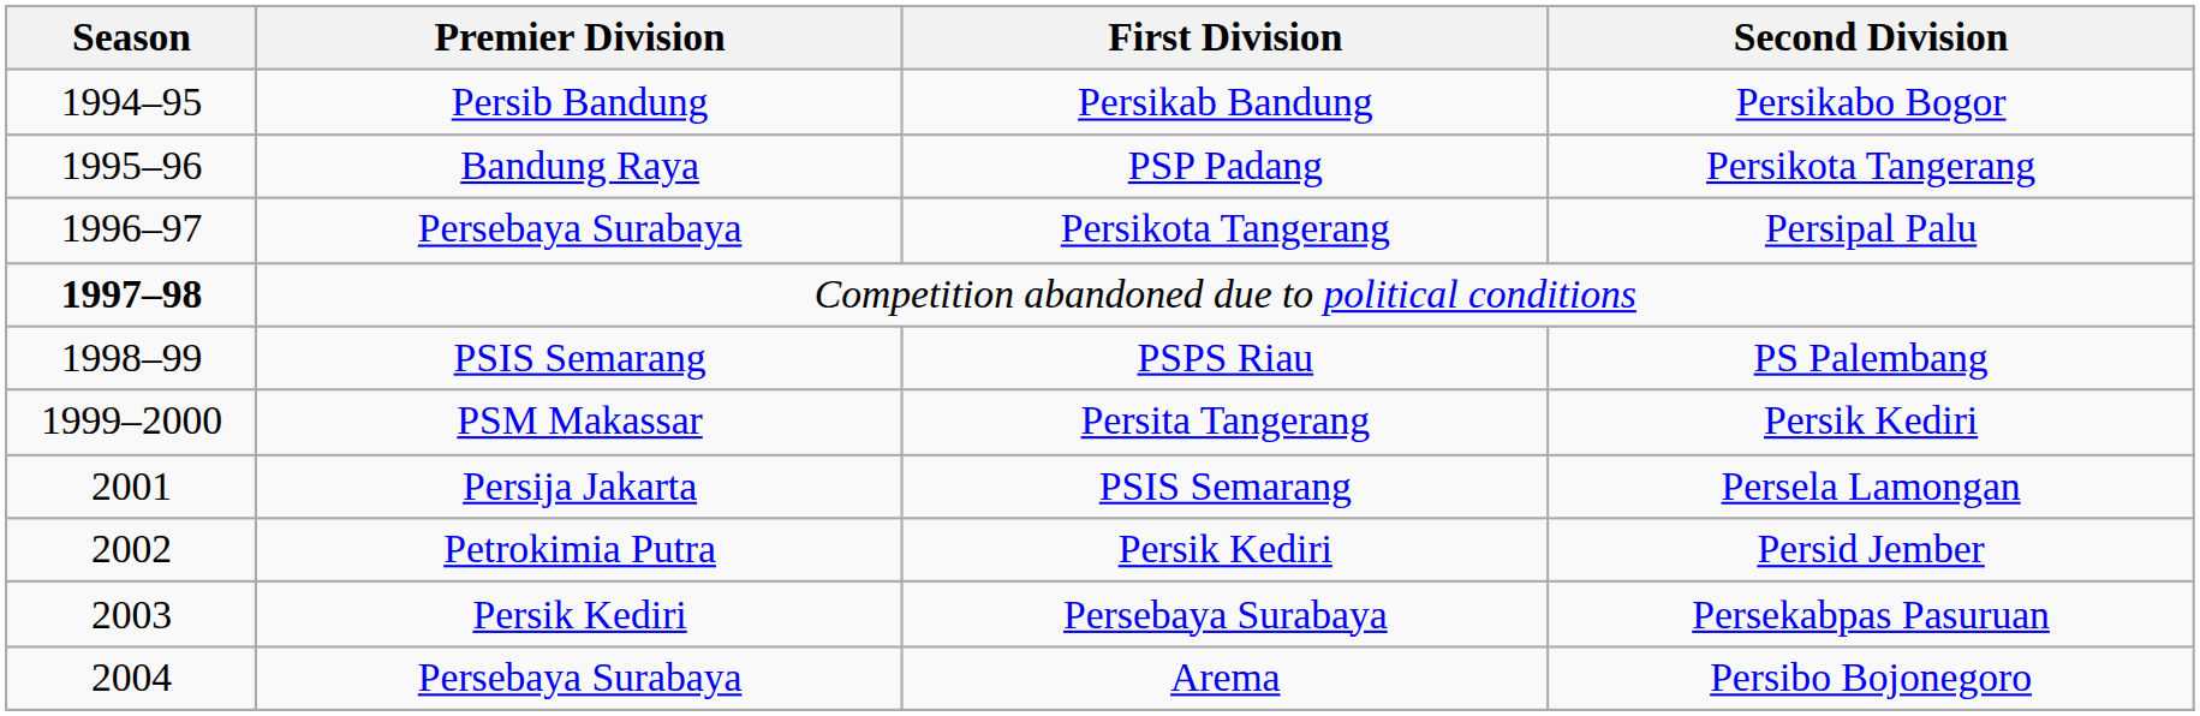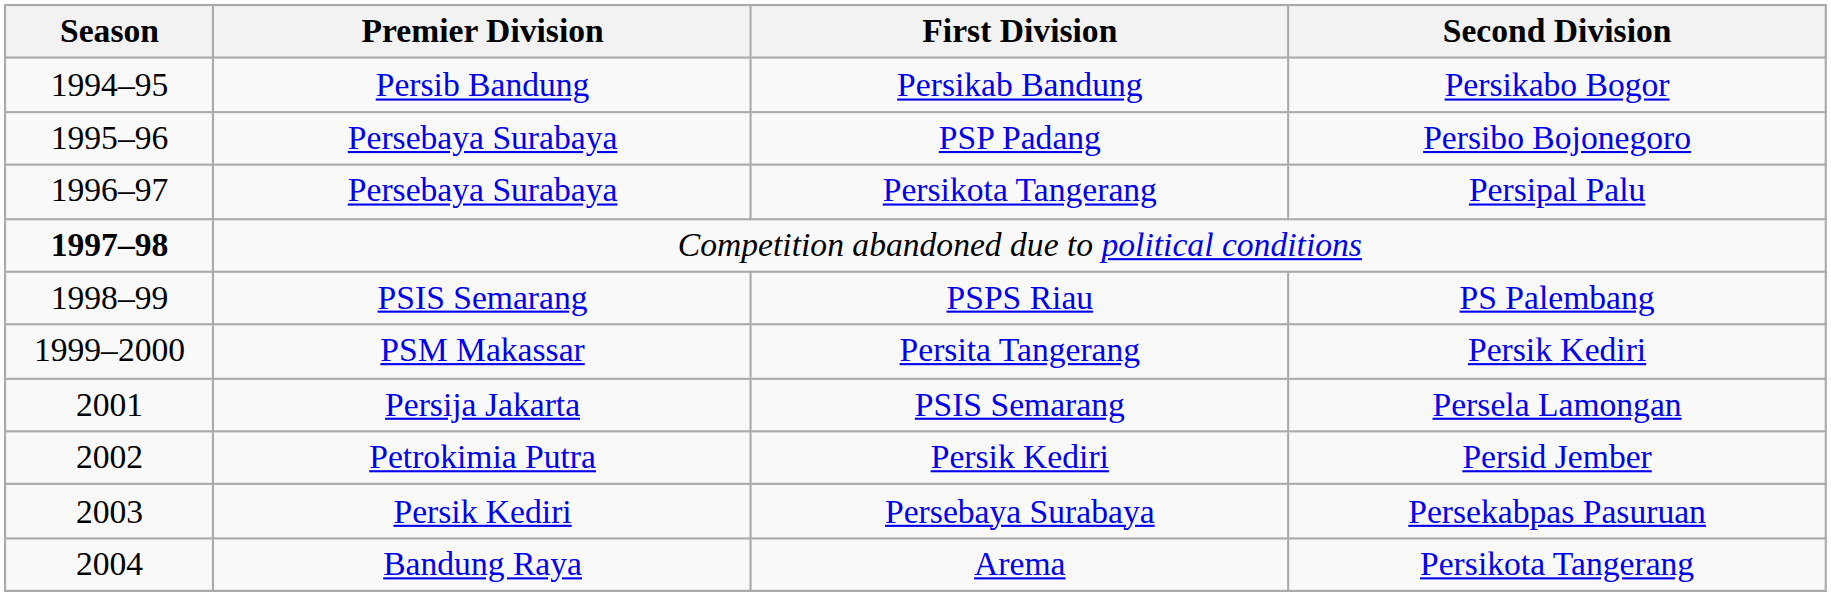 <table class="wikitable sortable" style="text-align: center;">
 <tr>
 <th style="width:7%;">Season</th>
 <th style="width:18%;">Premier Division</th>
 <th style="width:18%;">First Division</th>
 <th style="width:18%;">Second Division</th>
 </tr>
 <tr>
 <td align=center>1994–95</td>
 <td><a href='#'>Persib Bandung</a></td>
 <td><a href='#'>Persikab Bandung</a></td>
 <td><a href='#'>Persikabo Bogor</a></td>
 </tr>
 <tr>
 <td align=center>1995–96</td>
-<td><a href='#'>Bandung Raya</a></td>
+<td><a href='#'>Persebaya Surabaya</a></td>
 <td><a href='#'>PSP Padang</a></td>
-<td><a href='#'>Persikota Tangerang</a></td>
+<td><a href='#'>Persibo Bojonegoro</a></td>
 </tr>
 <tr>
 <td align=center>1996–97</td>
 <td><a href='#'>Persebaya Surabaya</a></td>
 <td><a href='#'>Persikota Tangerang</a></td>
 <td><a href='#'>Persipal Palu</a></td>
 </tr>
 <tr>
 <td align=center><strong>1997–98</strong></td>
 <td colspan="3" align="center"><em>Competition abandoned due to <a href='#'>political conditions</a></em></td>
 </tr>
 <tr>
 <td align=center>1998–99</td>
 <td><a href='#'>PSIS Semarang</a></td>
 <td><a href='#'>PSPS Riau</a></td>
 <td><a href='#'>PS Palembang</a></td>
 </tr>
 <tr>
 <td align=center>1999–2000</td>
 <td><a href='#'>PSM Makassar</a></td>
 <td><a href='#'>Persita Tangerang</a></td>
 <td><a href='#'>Persik Kediri</a></td>
 </tr>
 <tr>
 <td align=center>2001</td>
 <td><a href='#'>Persija Jakarta</a></td>
 <td><a href='#'>PSIS Semarang</a></td>
 <td><a href='#'>Persela Lamongan</a></td>
 </tr>
 <tr>
 <td align=center>2002</td>
 <td><a href='#'>Petrokimia Putra</a></td>
 <td><a href='#'>Persik Kediri</a></td>
 <td><a href='#'>Persid Jember</a></td>
 </tr>
 <tr>
 <td align=center>2003</td>
 <td><a href='#'>Persik Kediri</a></td>
 <td><a href='#'>Persebaya Surabaya</a></td>
 <td><a href='#'>Persekabpas Pasuruan</a></td>
 </tr>
 <tr>
 <td align=center>2004</td>
-<td><a href='#'>Persebaya Surabaya</a></td>
+<td><a href='#'>Bandung Raya</a></td>
 <td><a href='#'>Arema</a></td>
-<td><a href='#'>Persibo Bojonegoro</a></td>
+<td><a href='#'>Persikota Tangerang</a></td>
 </tr>
 <tr>
 </tr>
 </table>
